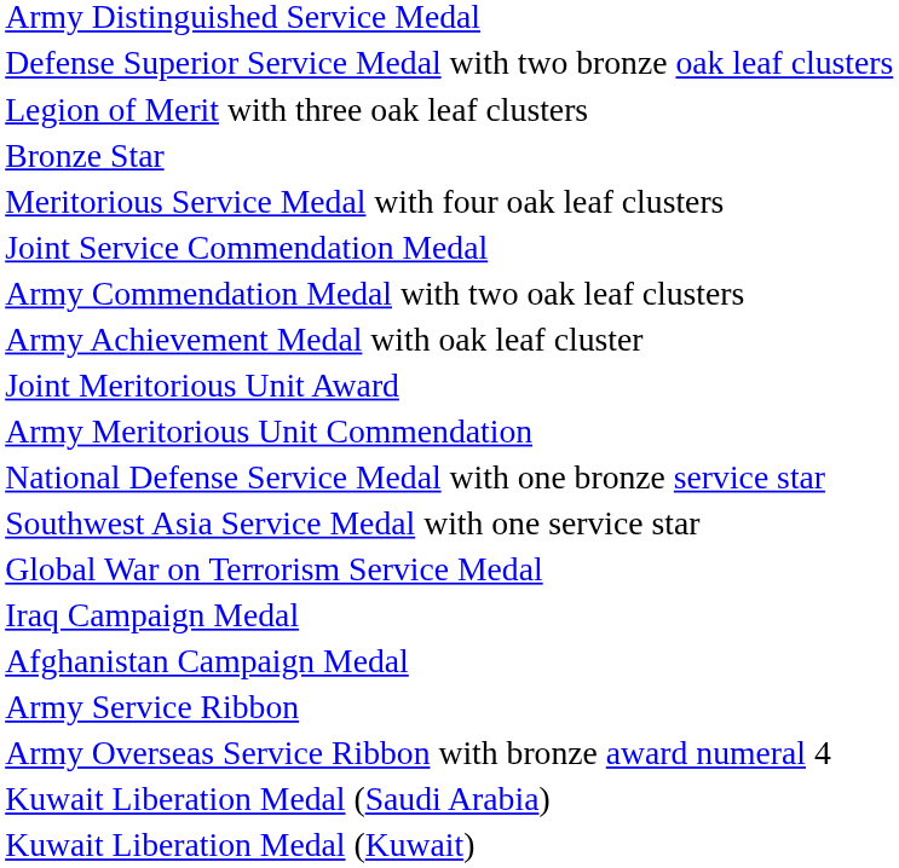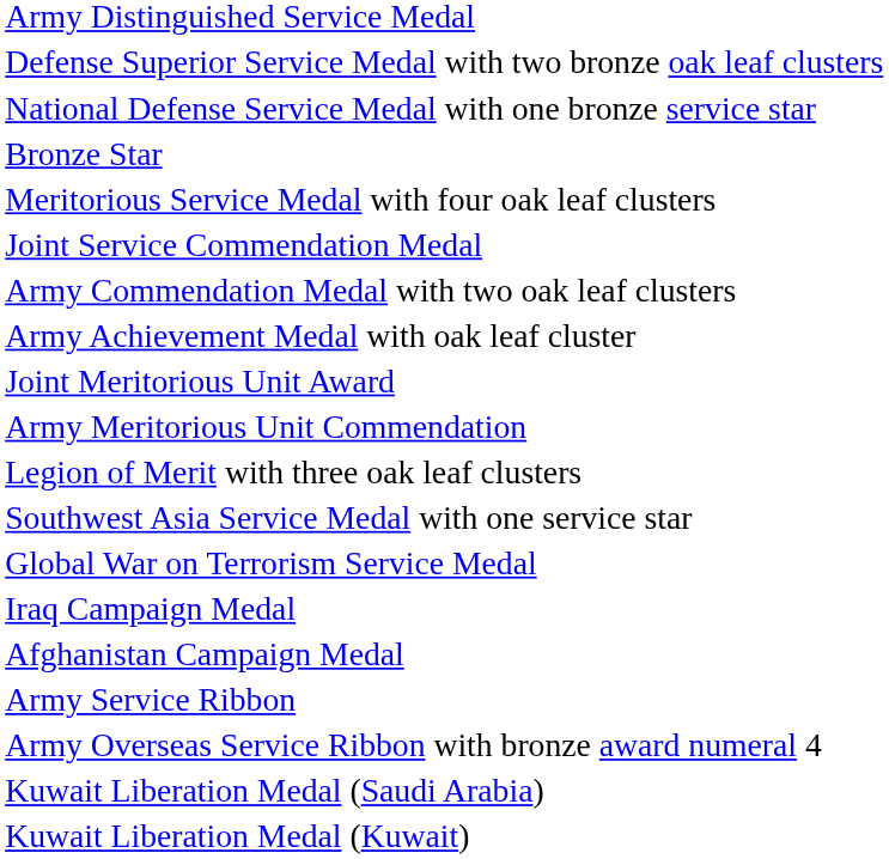 <table>
 <tr>
 <td> <a href='#'>Army Distinguished Service Medal</a></td>
 </tr>
 <tr>
 <td> <a href='#'>Defense Superior Service Medal</a> with two bronze <a href='#'>oak leaf clusters</a></td>
 </tr>
 <tr>
-<td> <a href='#'>Legion of Merit</a> with three oak leaf clusters</td>
+<td> <a href='#'>National Defense Service Medal</a> with one bronze <a href='#'>service star</a></td>
 </tr>
 <tr>
 <td> <a href='#'>Bronze Star</a></td>
 </tr>
 <tr>
 <td> <a href='#'>Meritorious Service Medal</a> with four oak leaf clusters</td>
 </tr>
 <tr>
 <td> <a href='#'>Joint Service Commendation Medal</a></td>
 </tr>
 <tr>
 <td> <a href='#'>Army Commendation Medal</a> with two oak leaf clusters</td>
 </tr>
 <tr>
 <td> <a href='#'>Army Achievement Medal</a> with oak leaf cluster</td>
 </tr>
 <tr>
 <td> <a href='#'>Joint Meritorious Unit Award</a></td>
 </tr>
 <tr>
 <td> <a href='#'>Army Meritorious Unit Commendation</a></td>
 </tr>
 <tr>
-<td> <a href='#'>National Defense Service Medal</a> with one bronze <a href='#'>service star</a></td>
+<td> <a href='#'>Legion of Merit</a> with three oak leaf clusters</td>
 </tr>
 <tr>
 <td> <a href='#'>Southwest Asia Service Medal</a> with one service star</td>
 </tr>
 <tr>
 <td> <a href='#'>Global War on Terrorism Service Medal</a></td>
 </tr>
 <tr>
 <td> <a href='#'>Iraq Campaign Medal</a></td>
 </tr>
 <tr>
 <td> <a href='#'>Afghanistan Campaign Medal</a></td>
 </tr>
 <tr>
 <td> <a href='#'>Army Service Ribbon</a></td>
 </tr>
 <tr>
 <td><span></span> <a href='#'>Army Overseas Service Ribbon</a> with bronze <a href='#'>award numeral</a> 4</td>
 </tr>
 <tr>
 <td> <a href='#'>Kuwait Liberation Medal</a> (<a href='#'>Saudi Arabia</a>)</td>
 </tr>
 <tr>
 <td> <a href='#'>Kuwait Liberation Medal</a> (<a href='#'>Kuwait</a>)</td>
 </tr>
 </table>
